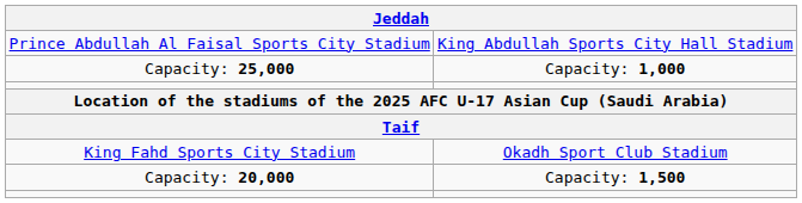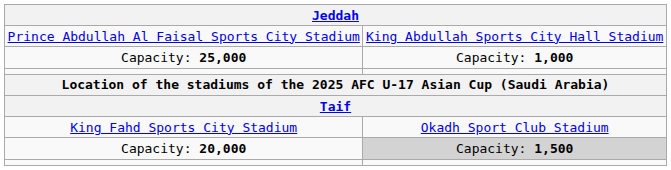 <table class="wikitable" style="text-align:center">
 <tr>
 <th colspan="2"><a href='#'>Jeddah</a></th>
 </tr>
 <tr>
 <td><a href='#'>Prince Abdullah Al Faisal Sports City Stadium</a></td>
 <td><a href='#'>King Abdullah Sports City Hall Stadium</a></td>
 </tr>
 <tr>
 <td>Capacity: <strong>25,000</strong></td>
 <td>Capacity: <strong>1,000</strong></td>
 </tr>
 <tr>
 <td></td>
 <td></td>
 </tr>
 <tr>
 <th colspan="3">Location of the stadiums of the 2025 AFC U-17 Asian Cup (Saudi Arabia) </th>
 </tr>
 <tr>
 <th colspan="2"><a href='#'>Taif</a></th>
 </tr>
 <tr>
 <td><a href='#'>King Fahd Sports City Stadium</a></td>
 <td><a href='#'>Okadh Sport Club Stadium</a></td>
 </tr>
 <tr>
 <td>Capacity: <strong>20,000</strong></td>
-<td>Capacity: <strong>1,500</strong></td>
+<td style="background: lightgrey;">Capacity: <strong>1,500</strong></td>
 </tr>
 <tr>
 <td></td>
 <td></td>
 </tr>
 </table>
